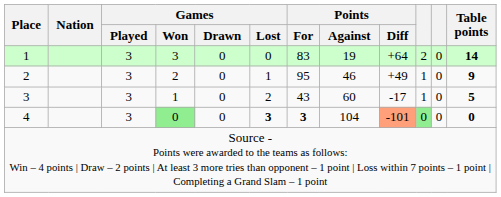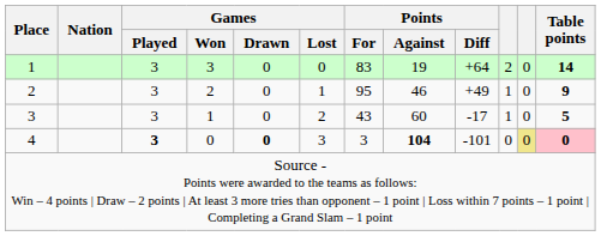 <table class="wikitable" style="text-align:center">
 <tr>
 <th rowspan="2">Place</th>
 <th rowspan="2">Nation</th>
 <th colspan="4">Games</th>
 <th colspan="3">Points</th>
 <th rowspan="2"></th>
 <th rowspan="2"></th>
 <th rowspan="2">Table<br>points</th>
 </tr>
 <tr>
 <th>Played</th>
 <th>Won</th>
 <th>Drawn</th>
 <th>Lost</th>
 <th>For</th>
 <th>Against</th>
 <th>Diff</th>
 </tr>
 <tr bgcolor="#ccffcc">
 <td>1</td>
 <td style="text-align:left"></td>
 <td>3</td>
 <td>3</td>
 <td>0</td>
 <td>0</td>
 <td>83</td>
 <td>19</td>
 <td>+64</td>
 <td>2</td>
 <td>0</td>
 <td><strong>14</strong></td>
 </tr>
 <tr>
 <td>2</td>
 <td style="text-align:left"></td>
 <td>3</td>
 <td>2</td>
 <td>0</td>
 <td>1</td>
 <td>95</td>
 <td>46</td>
 <td>+49</td>
 <td>1</td>
 <td>0</td>
 <td><strong>9</strong></td>
 </tr>
 <tr>
 <td>3</td>
 <td style="text-align:left"></td>
 <td>3</td>
 <td>1</td>
 <td>0</td>
 <td>2</td>
 <td>43</td>
 <td>60</td>
 <td>-17</td>
 <td>1</td>
 <td>0</td>
 <td><strong>5</strong></td>
 </tr>
 <tr>
 <td>4</td>
 <td style="text-align:left"></td>
-<td>3</td>
-<td style="background: lightgreen;">0</td>
-<td>0</td>
 <td><strong>3</strong></td>
-<td><strong>3</strong></td>
-<td>104</td>
-<td style="background: lightsalmon;">-101</td>
-<td style="background: lightgreen;">0</td>
 <td>0</td>
 <td><strong>0</strong></td>
+<td>3</td>
+<td>3</td>
+<td><strong>104</strong></td>
+<td>-101</td>
+<td>0</td>
+<td style="background: khaki;">0</td>
+<td style="background: pink;"><strong>0</strong></td>
 </tr>
 <tr>
 <td colspan="100%" style="text-align:center">Source - <br><small>Points were awarded to the teams as follows:<br>Win – 4 points | Draw – 2 points | At least 3 more tries than opponent – 1 point | Loss within 7 points – 1 point | Completing a Grand Slam – 1 point</small></td>
 </tr>
 </table>
